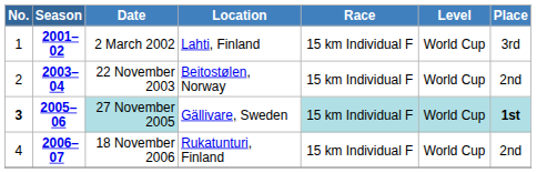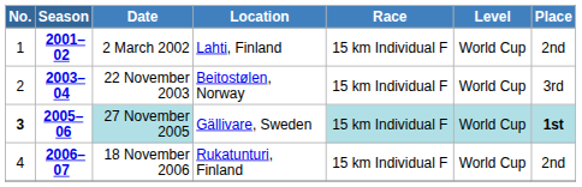 <table class="wikitable sortable" style="font-size:95%; text-align:center; border:grey solid 1px; border-collapse:collapse; background:#ffffff;">
 <tr style="background:#efefef;">
 <th style="background-color:#369; color:white;">No.</th>
 <th style="background-color:#369; color:white;">Season</th>
 <th style="background-color:#4180be; color:white; width:120px;">Date</th>
 <th style="background-color:#4180be; color:white; width:170px;">Location</th>
 <th style="background-color:#4180be; color:white; width:170px;">Race</th>
 <th style="background-color:#4180be; color:white; width:100px;">Level</th>
 <th style="background-color:#4180be; color:white;">Place</th>
 </tr>
 <tr>
 <td align=center>1</td>
 <td rowspan=1 align=center><strong> <a href='#'>2001–02</a> </strong></td>
 <td align=right>2 March 2002</td>
 <td align=left> <a href='#'>Lahti</a>, Finland</td>
 <td>15 km Individual F</td>
 <td>World Cup</td>
-<td>3rd</td>
+<td>2nd</td>
 </tr>
 <tr>
 <td align=center>2</td>
 <td rowspan=1 align=center><strong> <a href='#'>2003–04</a> </strong></td>
 <td align=right>22 November 2003</td>
 <td align=left> <a href='#'>Beitostølen</a>, Norway</td>
 <td>15 km Individual F</td>
 <td>World Cup</td>
-<td>2nd</td>
+<td>3rd</td>
 </tr>
 <tr>
 <td align=center><strong>3</strong></td>
 <td rowspan=1 align=center><strong><a href='#'>2005–06</a></strong></td>
 <td bgcolor="#BOEOE6" align=right>27 November 2005</td>
 <td align=left> <a href='#'>Gällivare</a>, Sweden</td>
 <td bgcolor="#BOEOE6">15 km Individual F</td>
 <td bgcolor="#BOEOE6">World Cup</td>
 <td bgcolor="#BOEOE6"><strong>1st</strong></td>
 </tr>
 <tr>
 <td align=center>4</td>
 <td rowspan=1 align=center><strong> <a href='#'>2006–07</a> </strong></td>
 <td align=right>18 November 2006</td>
 <td align=left> <a href='#'>Rukatunturi</a>, Finland</td>
 <td>15 km Individual F</td>
 <td>World Cup</td>
 <td>2nd</td>
 </tr>
 <tr>
 </tr>
 </table>
